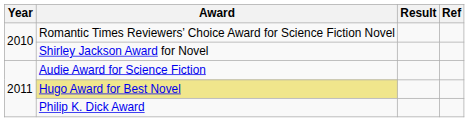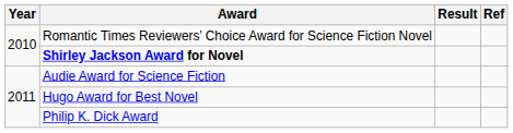 <table class="wikitable sortable mw-collapsible">
 <tr>
 <th>Year</th>
 <th>Award</th>
 <th>Result</th>
 <th>Ref</th>
 </tr>
 <tr>
 <td rowspan="2">2010</td>
 <td>Romantic Times Reviewers’ Choice Award for Science Fiction Novel</td>
 <td></td>
 <td></td>
 </tr>
 <tr>
-<td><a href='#'>Shirley Jackson Award</a> for Novel</td>
+<td><strong><a href='#'>Shirley Jackson Award</a> for Novel</strong></td>
 <td></td>
 <td></td>
 </tr>
 <tr>
 <td rowspan="3">2011</td>
 <td><a href='#'>Audie Award for Science Fiction</a></td>
 <td></td>
 <td></td>
 </tr>
 <tr>
-<td style="background: khaki;"><a href='#'>Hugo Award for Best Novel</a></td>
+<td><a href='#'>Hugo Award for Best Novel</a></td>
 <td></td>
 <td></td>
 </tr>
 <tr>
 <td><a href='#'>Philip K. Dick Award</a></td>
 <td></td>
 <td></td>
 </tr>
 </table>
